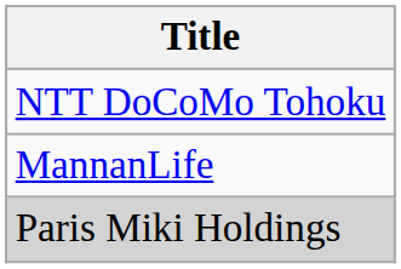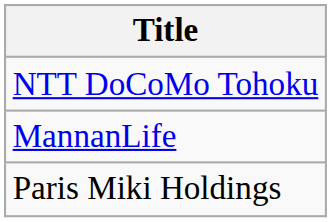 <table class="wikitable">
 <tr>
 <th>Title</th>
 </tr>
 <tr>
 <td><a href='#'>NTT DoCoMo Tohoku</a></td>
 </tr>
 <tr>
 <td><a href='#'>MannanLife</a></td>
 </tr>
 <tr>
-<td style="background: lightgrey;">Paris Miki Holdings</td>
+<td>Paris Miki Holdings</td>
 </tr>
 </table>
